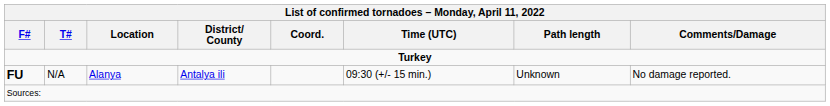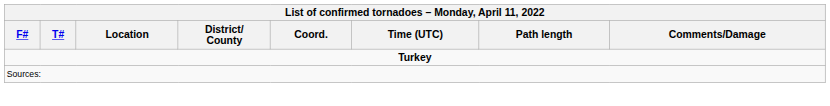 <table class="wikitable collapsible" width="100%">
 <tr>
 <th colspan="8">List of confirmed tornadoes – Monday, April 11, 2022</th>
 </tr>
 <tr>
 <th><a href='#'>F#</a></th>
 <th><a href='#'>T#</a></th>
 <th>Location</th>
 <th>District/<br>County</th>
 <th>Coord.</th>
 <th>Time (UTC)</th>
 <th>Path length</th>
 <th>Comments/Damage</th>
 </tr>
 <tr>
 <td colspan="8" align=center><strong>Turkey</strong></td>
 </tr>
 <tr>
-<td><big><strong>FU</strong></big></td>
-<td>N/A</td>
-<td><a href='#'>Alanya</a></td>
-<td><a href='#'>Antalya ili</a></td>
-<td></td>
-<td>09:30 (+/- 15 min.)</td>
-<td>Unknown</td>
-<td>No damage reported.</td>
-</tr>
-<tr>
 <td colspan="8"><small>Sources:  </small></td>
 </tr>
 </table>
